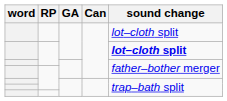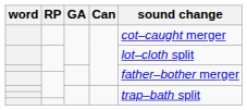 <table class="wikitable" style="float: right;">
 <tr>
 <th>word</th>
 <th>RP</th>
 <th>GA</th>
 <th>Can</th>
 <th>sound change</th>
 </tr>
 <tr>
 <th></th>
 <td></td>
 <td rowspan="2"></td>
 <td rowspan="4"></td>
-<td><a href='#'><em>lot</em>–<em>cloth</em> split</a></td>
+<td><a href='#'><em>cot</em>–<em>caught</em> merger</a></td>
 </tr>
 <tr>
 <th></th>
 <td rowspan="2"></td>
-<td><strong><a href='#'><em>lot</em>–<em>cloth</em> split</a></strong></td>
+<td><a href='#'><em>lot</em>–<em>cloth</em> split</a></td>
 </tr>
 <tr>
 <th></th>
 <td rowspan="2"></td>
 <td rowspan="2"><a href='#'><em>father</em>–<em>bother</em> merger</a></td>
 </tr>
 <tr>
 <th></th>
 <td rowspan="3"></td>
 </tr>
 <tr>
 <th></th>
 <td rowspan="3"></td>
 <td rowspan="3"></td>
 <td rowspan="3"><a href='#'><em>trap</em>–<em>bath</em> split</a></td>
 </tr>
 <tr>
 <th></th>
 </tr>
 <tr>
 <th></th>
 <td></td>
 </tr>
 </table>
